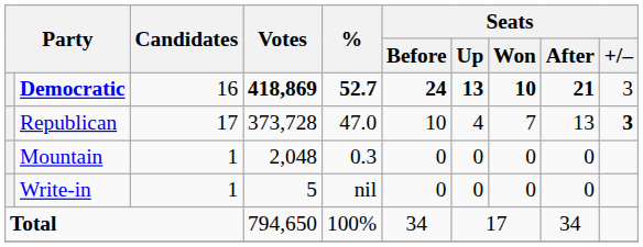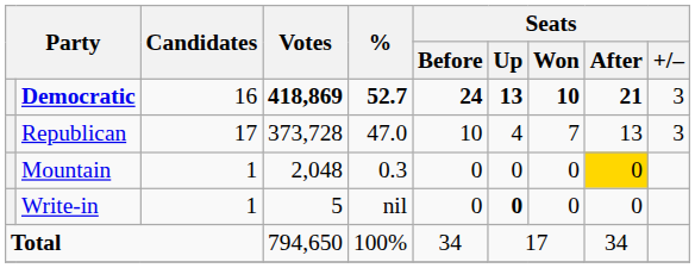 <table class="wikitable">
 <tr>
 <th rowspan="2" colspan="2">Party</th>
 <th rowspan="2">Candidates</th>
 <th rowspan="2">Votes</th>
 <th rowspan="2">%</th>
 <th colspan="5">Seats</th>
 </tr>
 <tr>
 <th>Before</th>
 <th>Up</th>
 <th>Won</th>
 <th>After</th>
 <th>+/–</th>
 </tr>
 <tr>
 <th style="background-color:"></th>
 <td><strong><a href='#'>Democratic</a></strong></td>
 <td align="right">16</td>
 <td align="right"><strong>418,869</strong></td>
 <td align="right"><strong>52.7</strong></td>
 <td align="right"><strong>24</strong></td>
 <td align="right"><strong>13</strong></td>
 <td align="right"><strong>10</strong></td>
 <td align="right"><strong>21</strong></td>
 <td align="right"> 3</td>
 </tr>
 <tr>
 <th style="background-color:"></th>
 <td><a href='#'>Republican</a></td>
 <td align="right">17</td>
 <td align="right">373,728</td>
 <td align="right">47.0</td>
 <td align="right">10</td>
 <td align="right">4</td>
 <td align="right">7</td>
 <td align="right">13</td>
-<td align="right"><strong> 3</strong></td>
+<td align="right"> 3</td>
 </tr>
 <tr>
 <th style="background-color:"></th>
 <td><a href='#'>Mountain</a></td>
 <td align="right">1</td>
 <td align="right">2,048</td>
 <td align="right">0.3</td>
 <td align="right">0</td>
 <td align="right">0</td>
 <td align="right">0</td>
-<td align="right">0</td>
+<td align="right" style="background: gold;">0</td>
 <td align="right"></td>
 </tr>
 <tr>
 <th style="background-color:"></th>
 <td><a href='#'>Write-in</a></td>
 <td align="right">1</td>
 <td align="right">5</td>
 <td align="right">nil</td>
 <td align="right">0</td>
-<td align="right">0</td>
+<td align="right"><strong>0</strong></td>
 <td align="right">0</td>
 <td align="right">0</td>
 <td align="right"></td>
 </tr>
 <tr>
 <td colspan="3"><strong>Total</strong></td>
 <td align="right">794,650</td>
 <td align="right">100%</td>
 <td align="center">34</td>
 <td colspan="2" align="center">17</td>
 <td align="center">34</td>
 <td align="right"></td>
 </tr>
 <tr>
 </tr>
 </table>
